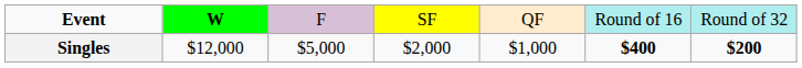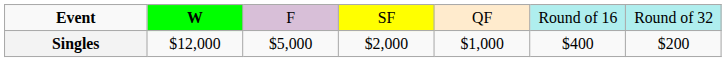 <table class=wikitable style=font-size:95%;text-align:center>
 <tr>
 <td style="width:130px"><strong>Event</strong></td>
 <td style="width:85px; background:lime"><strong>W</strong></td>
 <td style="width:85px; background:thistle">F</td>
 <td style="width:85px; background:#ffff00">SF</td>
 <td style="width:85px; background:#ffebcd">QF</td>
 <td style="width:85px; background:#afeeee">Round of 16</td>
 <td style="width:85px; background:#afeeee">Round of 32</td>
 </tr>
 <tr>
 <th style=background:#f3f3f3>Singles</th>
 <td>$12,000</td>
 <td>$5,000</td>
 <td>$2,000</td>
 <td>$1,000</td>
-<td><strong>$400</strong></td>
-<td><strong>$200</strong></td>
+<td>$400</td>
+<td>$200</td>
 </tr>
 </table>
